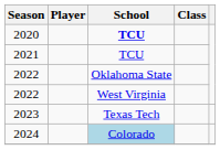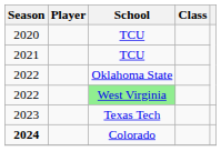 <table class="wikitable sortable" style="text-align: center;">
 <tr>
 <th>Season</th>
 <th>Player</th>
 <th>School</th>
 <th>Class</th>
 <th class="unsortable"></th>
 </tr>
 <tr>
 <td>2020</td>
 <td></td>
-<td><strong><a href='#'>TCU</a></strong></td>
+<td><a href='#'>TCU</a></td>
 <td></td>
 <td rowspan=4></td>
 </tr>
 <tr>
 <td>2021</td>
 <td></td>
 <td><a href='#'>TCU</a></td>
 <td></td>
 </tr>
 <tr>
 <td>2022</td>
 <td></td>
 <td><a href='#'>Oklahoma State</a></td>
 <td></td>
 </tr>
 <tr>
 <td>2022</td>
 <td></td>
-<td><a href='#'>West Virginia</a></td>
+<td style="background: lightgreen;"><a href='#'>West Virginia</a></td>
 <td></td>
 </tr>
 <tr>
 <td>2023</td>
 <td></td>
 <td><a href='#'>Texas Tech</a></td>
 <td></td>
 <td></td>
 </tr>
 <tr>
-<td>2024</td>
+<td><strong>2024</strong></td>
 <td></td>
-<td style="background: lightblue;"><a href='#'>Colorado</a></td>
+<td><a href='#'>Colorado</a></td>
 <td></td>
 <td></td>
 </tr>
 <tr>
 </tr>
 </table>
